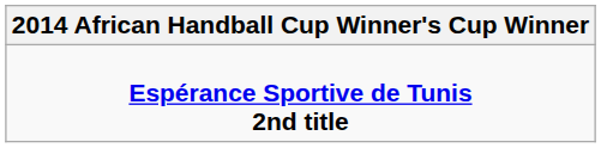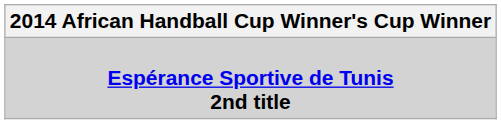 <table class=wikitable style="text-align:center; margin:auto">
 <tr>
 <th>2014 African Handball Cup Winner's Cup Winner</th>
 </tr>
 <tr>
-<td><br><strong><a href='#'>Espérance Sportive de Tunis</a></strong><br><strong>2nd title</strong></td>
+<td style="background: lightgrey;"><br><strong><a href='#'>Espérance Sportive de Tunis</a></strong><br><strong>2nd title</strong></td>
 </tr>
 </table>
